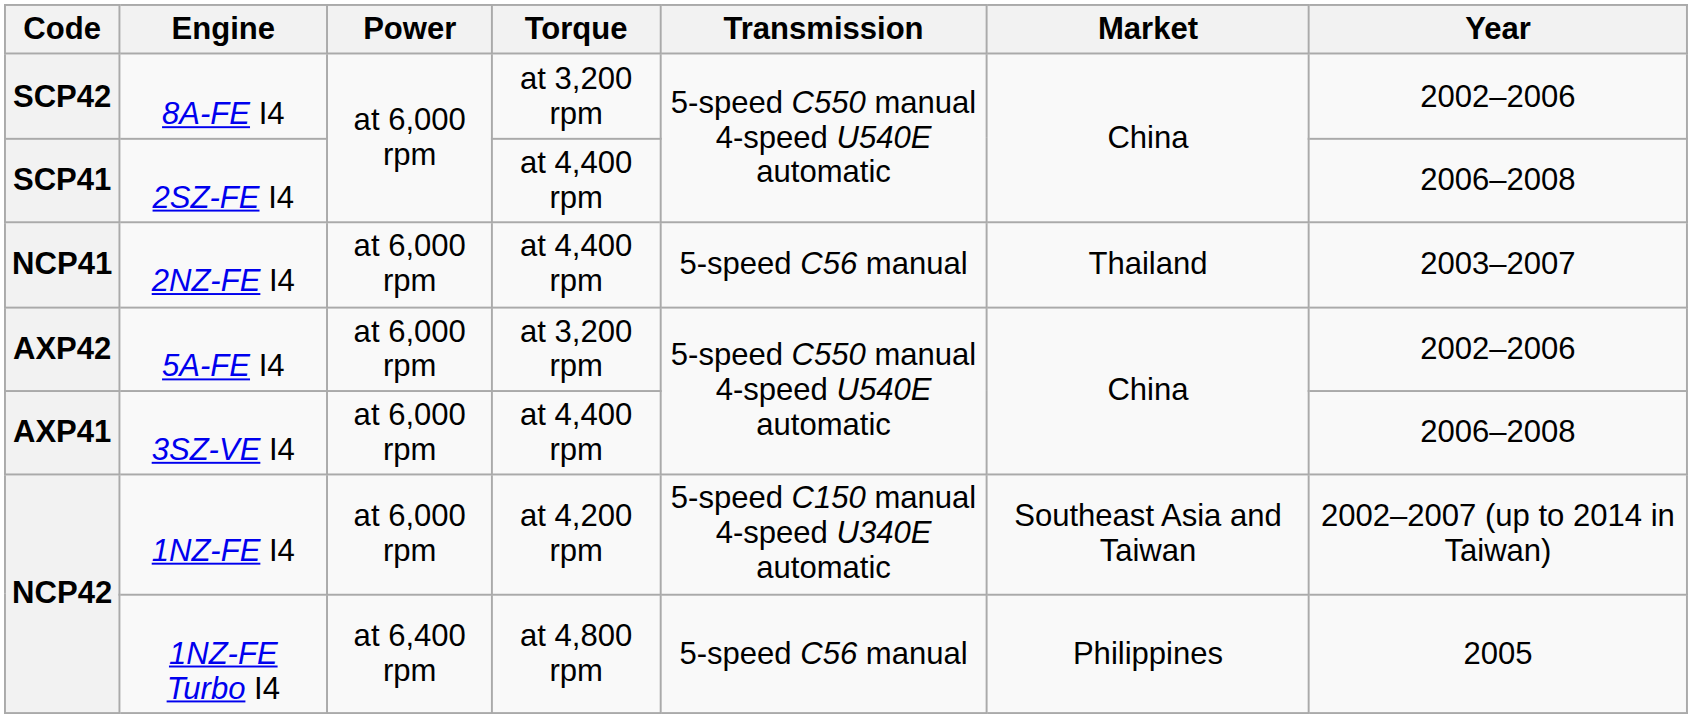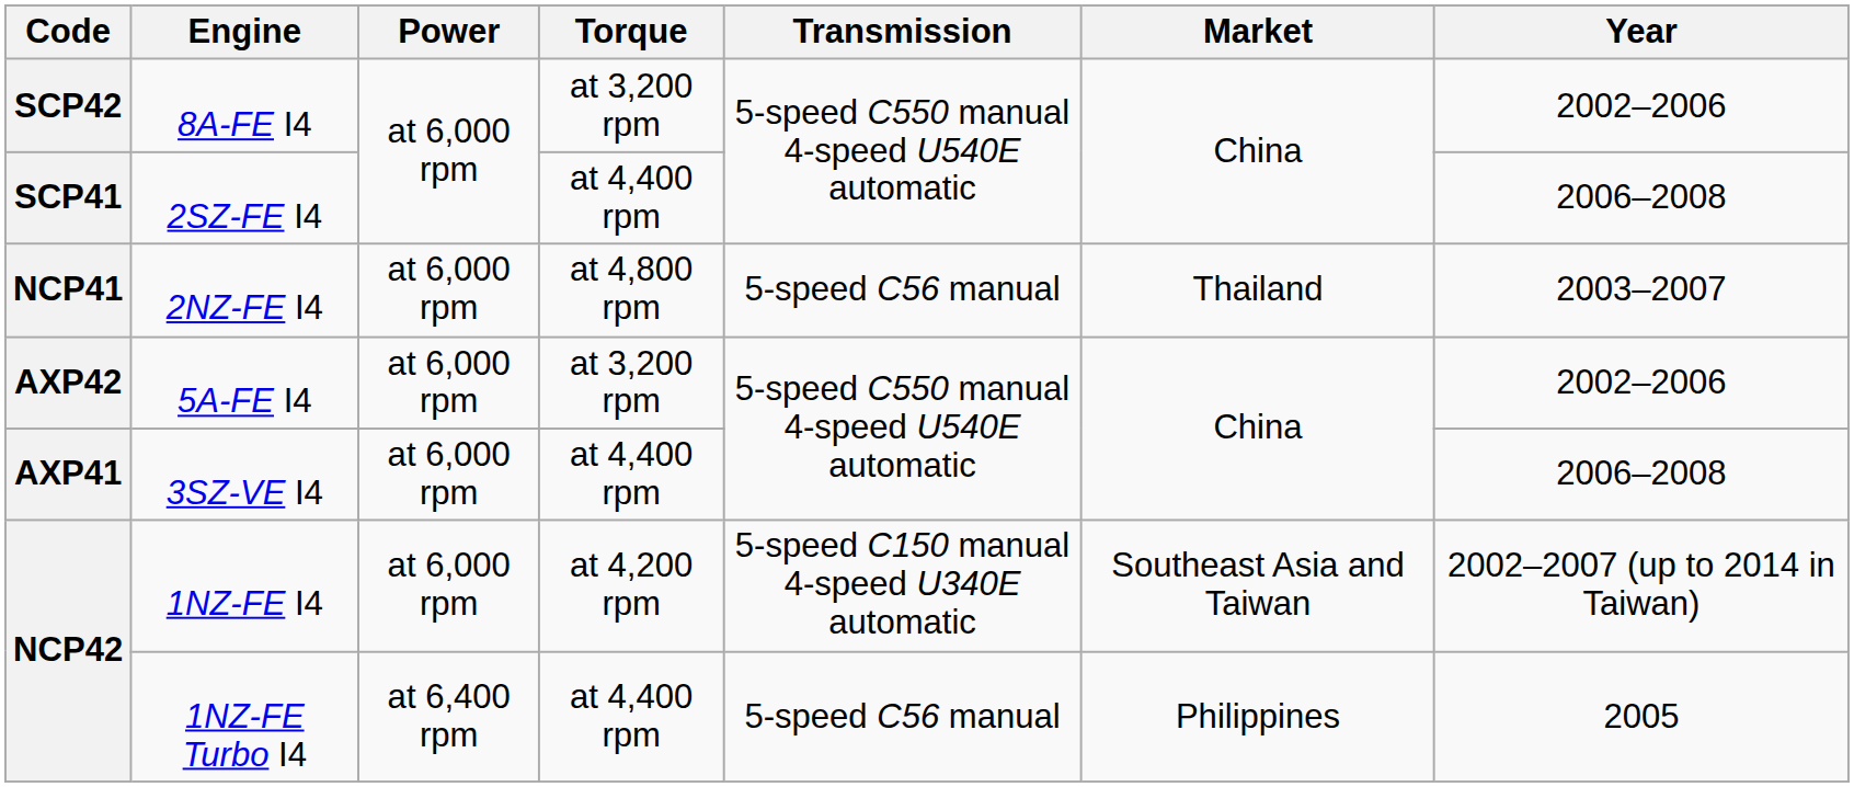 <table class="wikitable" style="text-align:center">
 <tr>
 <th>Code</th>
 <th>Engine</th>
 <th>Power</th>
 <th>Torque</th>
 <th>Transmission</th>
 <th>Market</th>
 <th>Year</th>
 </tr>
 <tr>
 <th>SCP42</th>
 <td><br><em><a href='#'>8A-FE</a></em> I4</td>
 <td rowspan=2> at 6,000 rpm</td>
 <td> at 3,200 rpm</td>
 <td rowspan=2>5-speed <em>C550</em> manual<br> 4-speed <em>U540E</em> automatic</td>
 <td rowspan=2>China</td>
 <td>2002–2006</td>
 </tr>
 <tr>
 <th>SCP41</th>
 <td><br><em><a href='#'>2SZ-FE</a></em> I4</td>
 <td> at 4,400 rpm</td>
 <td>2006–2008</td>
 </tr>
 <tr>
 <th>NCP41</th>
 <td><br><em><a href='#'>2NZ-FE</a></em> I4</td>
 <td> at 6,000 rpm</td>
-<td> at 4,400 rpm</td>
+<td> at 4,800 rpm</td>
 <td>5-speed <em>C56</em> manual</td>
 <td>Thailand</td>
 <td>2003–2007</td>
 </tr>
 <tr>
 <th>AXP42</th>
 <td><br><em><a href='#'>5A-FE</a></em> I4</td>
 <td> at 6,000 rpm</td>
 <td> at 3,200 rpm</td>
 <td rowspan=2>5-speed <em>C550</em> manual<br> 4-speed <em>U540E</em> automatic</td>
 <td rowspan=2>China</td>
 <td>2002–2006</td>
 </tr>
 <tr>
 <th>AXP41</th>
 <td><br><em><a href='#'>3SZ-VE</a></em> I4</td>
 <td> at 6,000 rpm</td>
 <td> at 4,400 rpm</td>
 <td>2006–2008</td>
 </tr>
 <tr>
 <th rowspan=2>NCP42</th>
 <td><br><em><a href='#'>1NZ-FE</a></em> I4</td>
 <td> at 6,000 rpm</td>
 <td> at 4,200 rpm</td>
 <td>5-speed <em>C150</em> manual<br>4-speed <em>U340E</em> automatic</td>
 <td>Southeast Asia and Taiwan</td>
 <td>2002–2007 (up to 2014 in Taiwan)</td>
 </tr>
 <tr>
 <td><br><em><a href='#'>1NZ-FE Turbo</a></em> I4</td>
 <td> at 6,400 rpm</td>
-<td> at 4,800 rpm</td>
+<td> at 4,400 rpm</td>
 <td>5-speed <em>C56</em> manual</td>
 <td>Philippines</td>
 <td>2005</td>
 </tr>
 </table>
